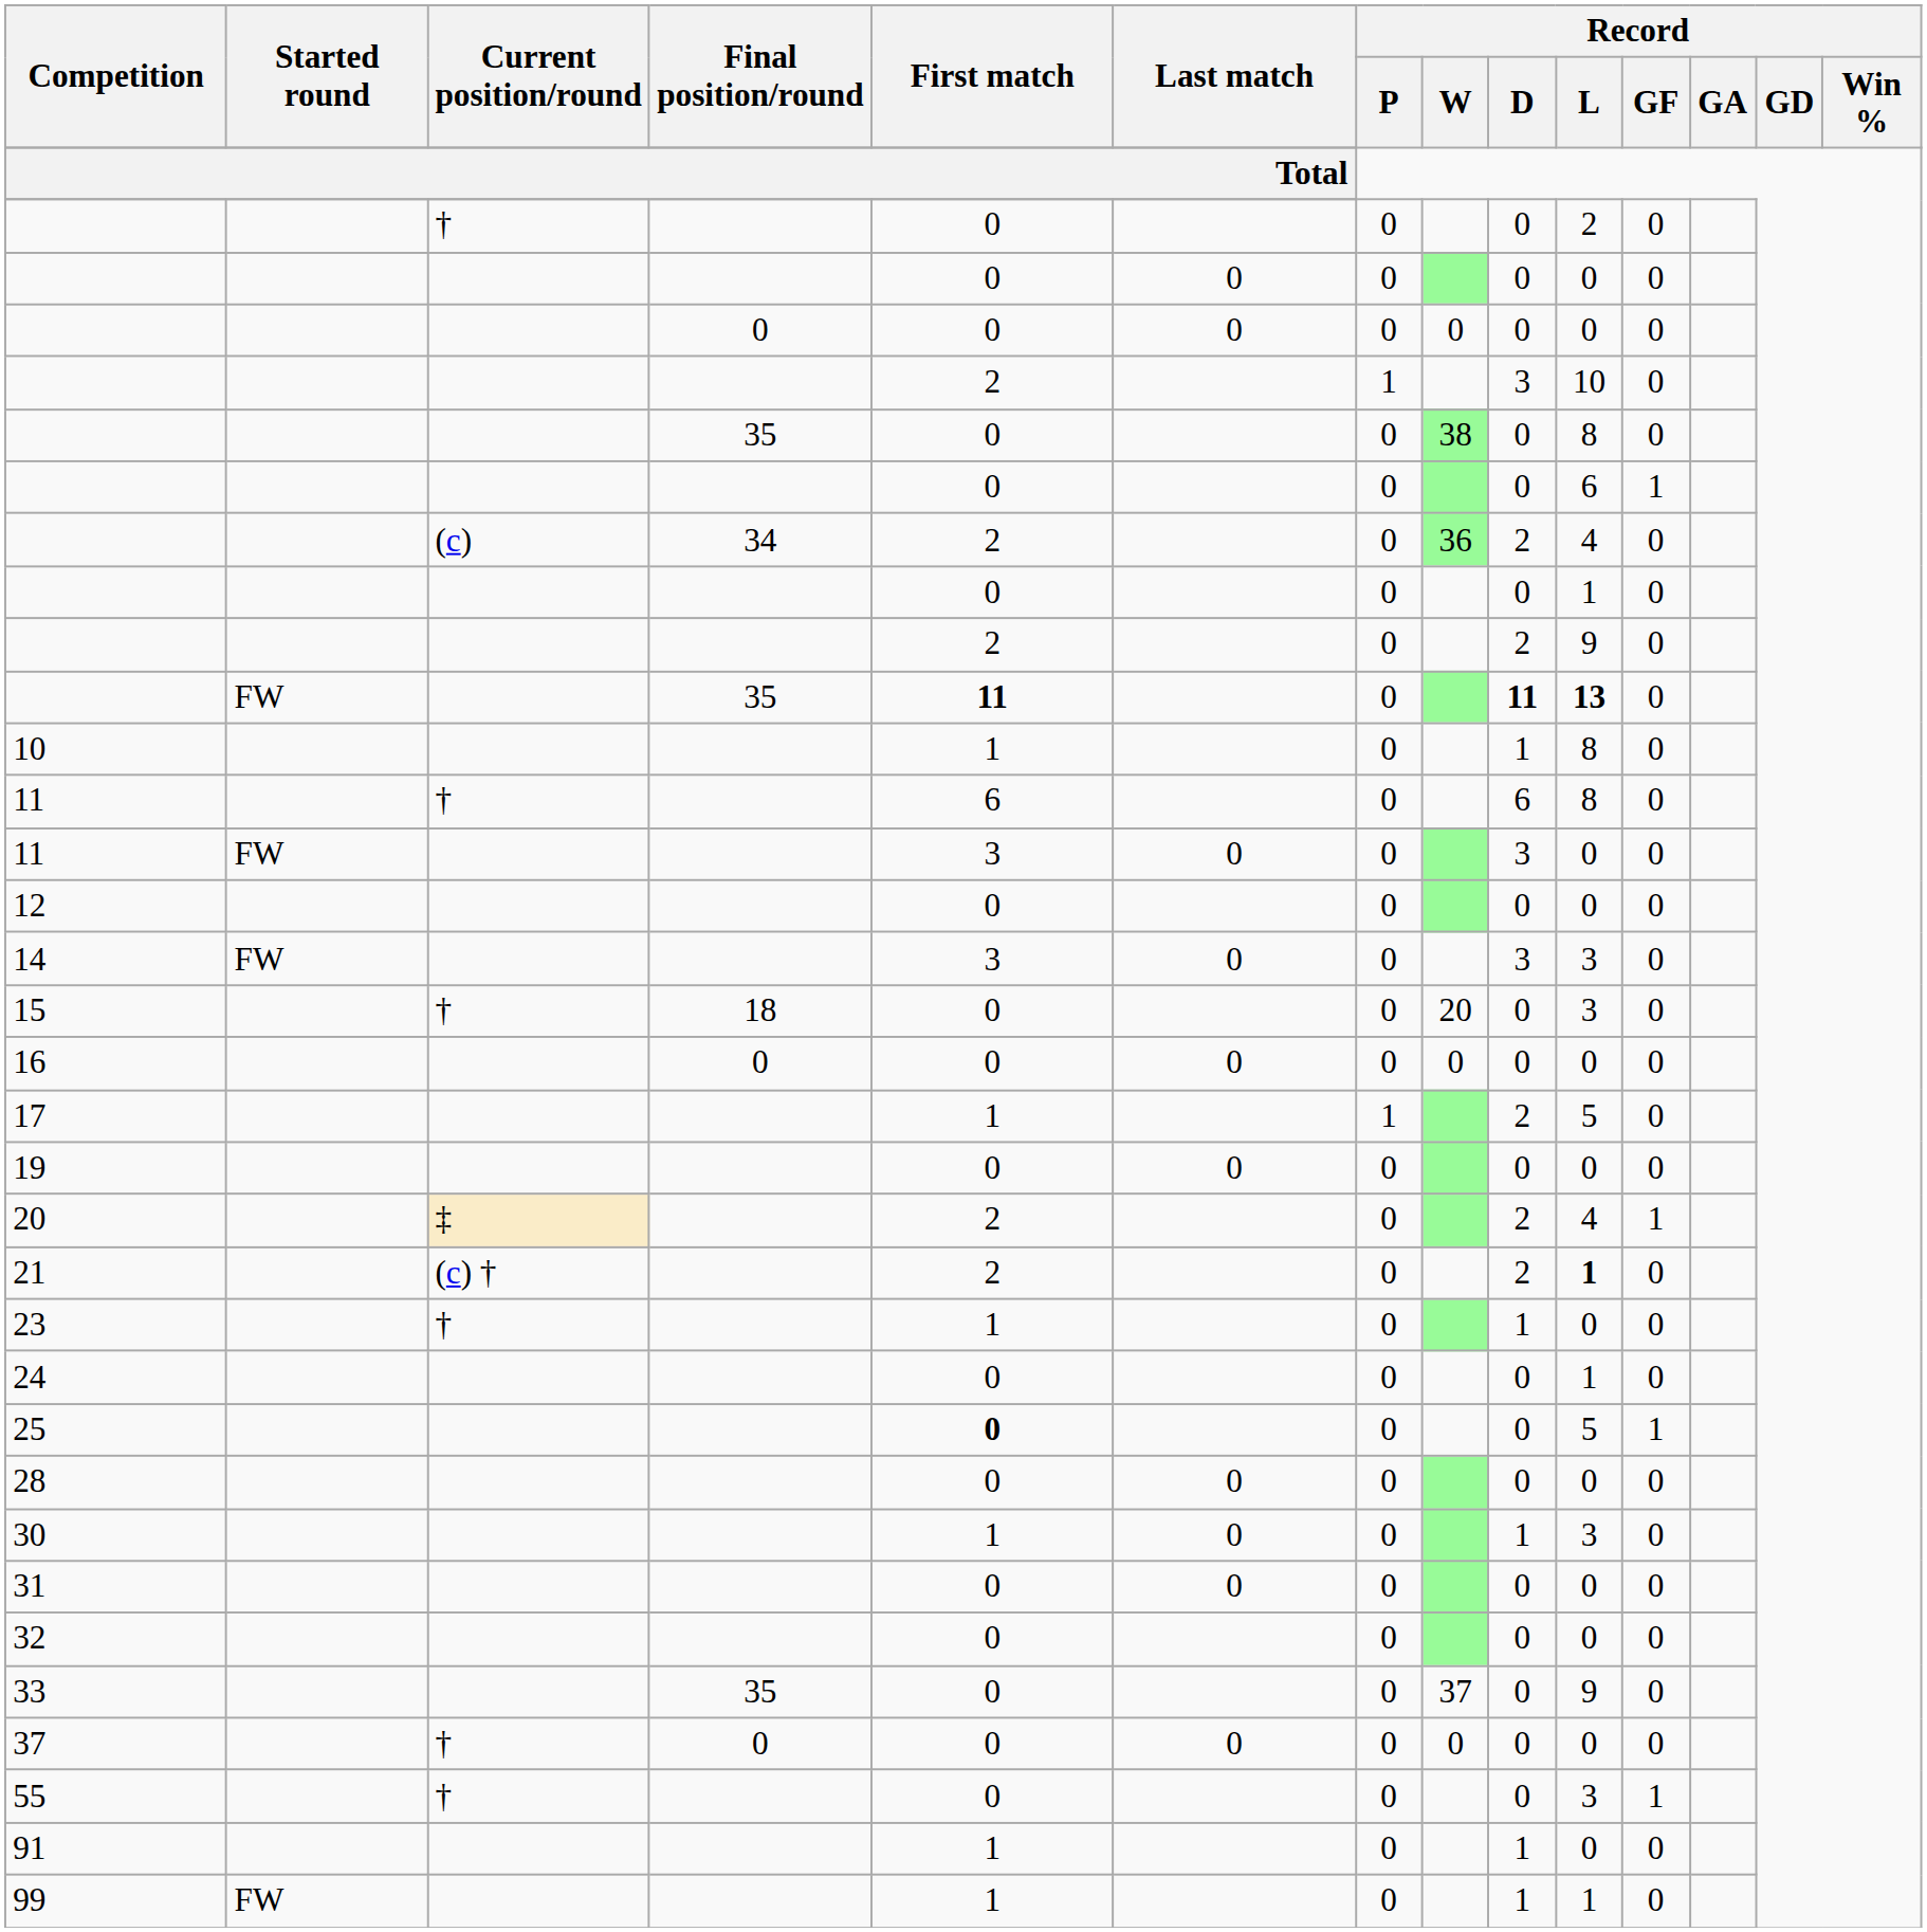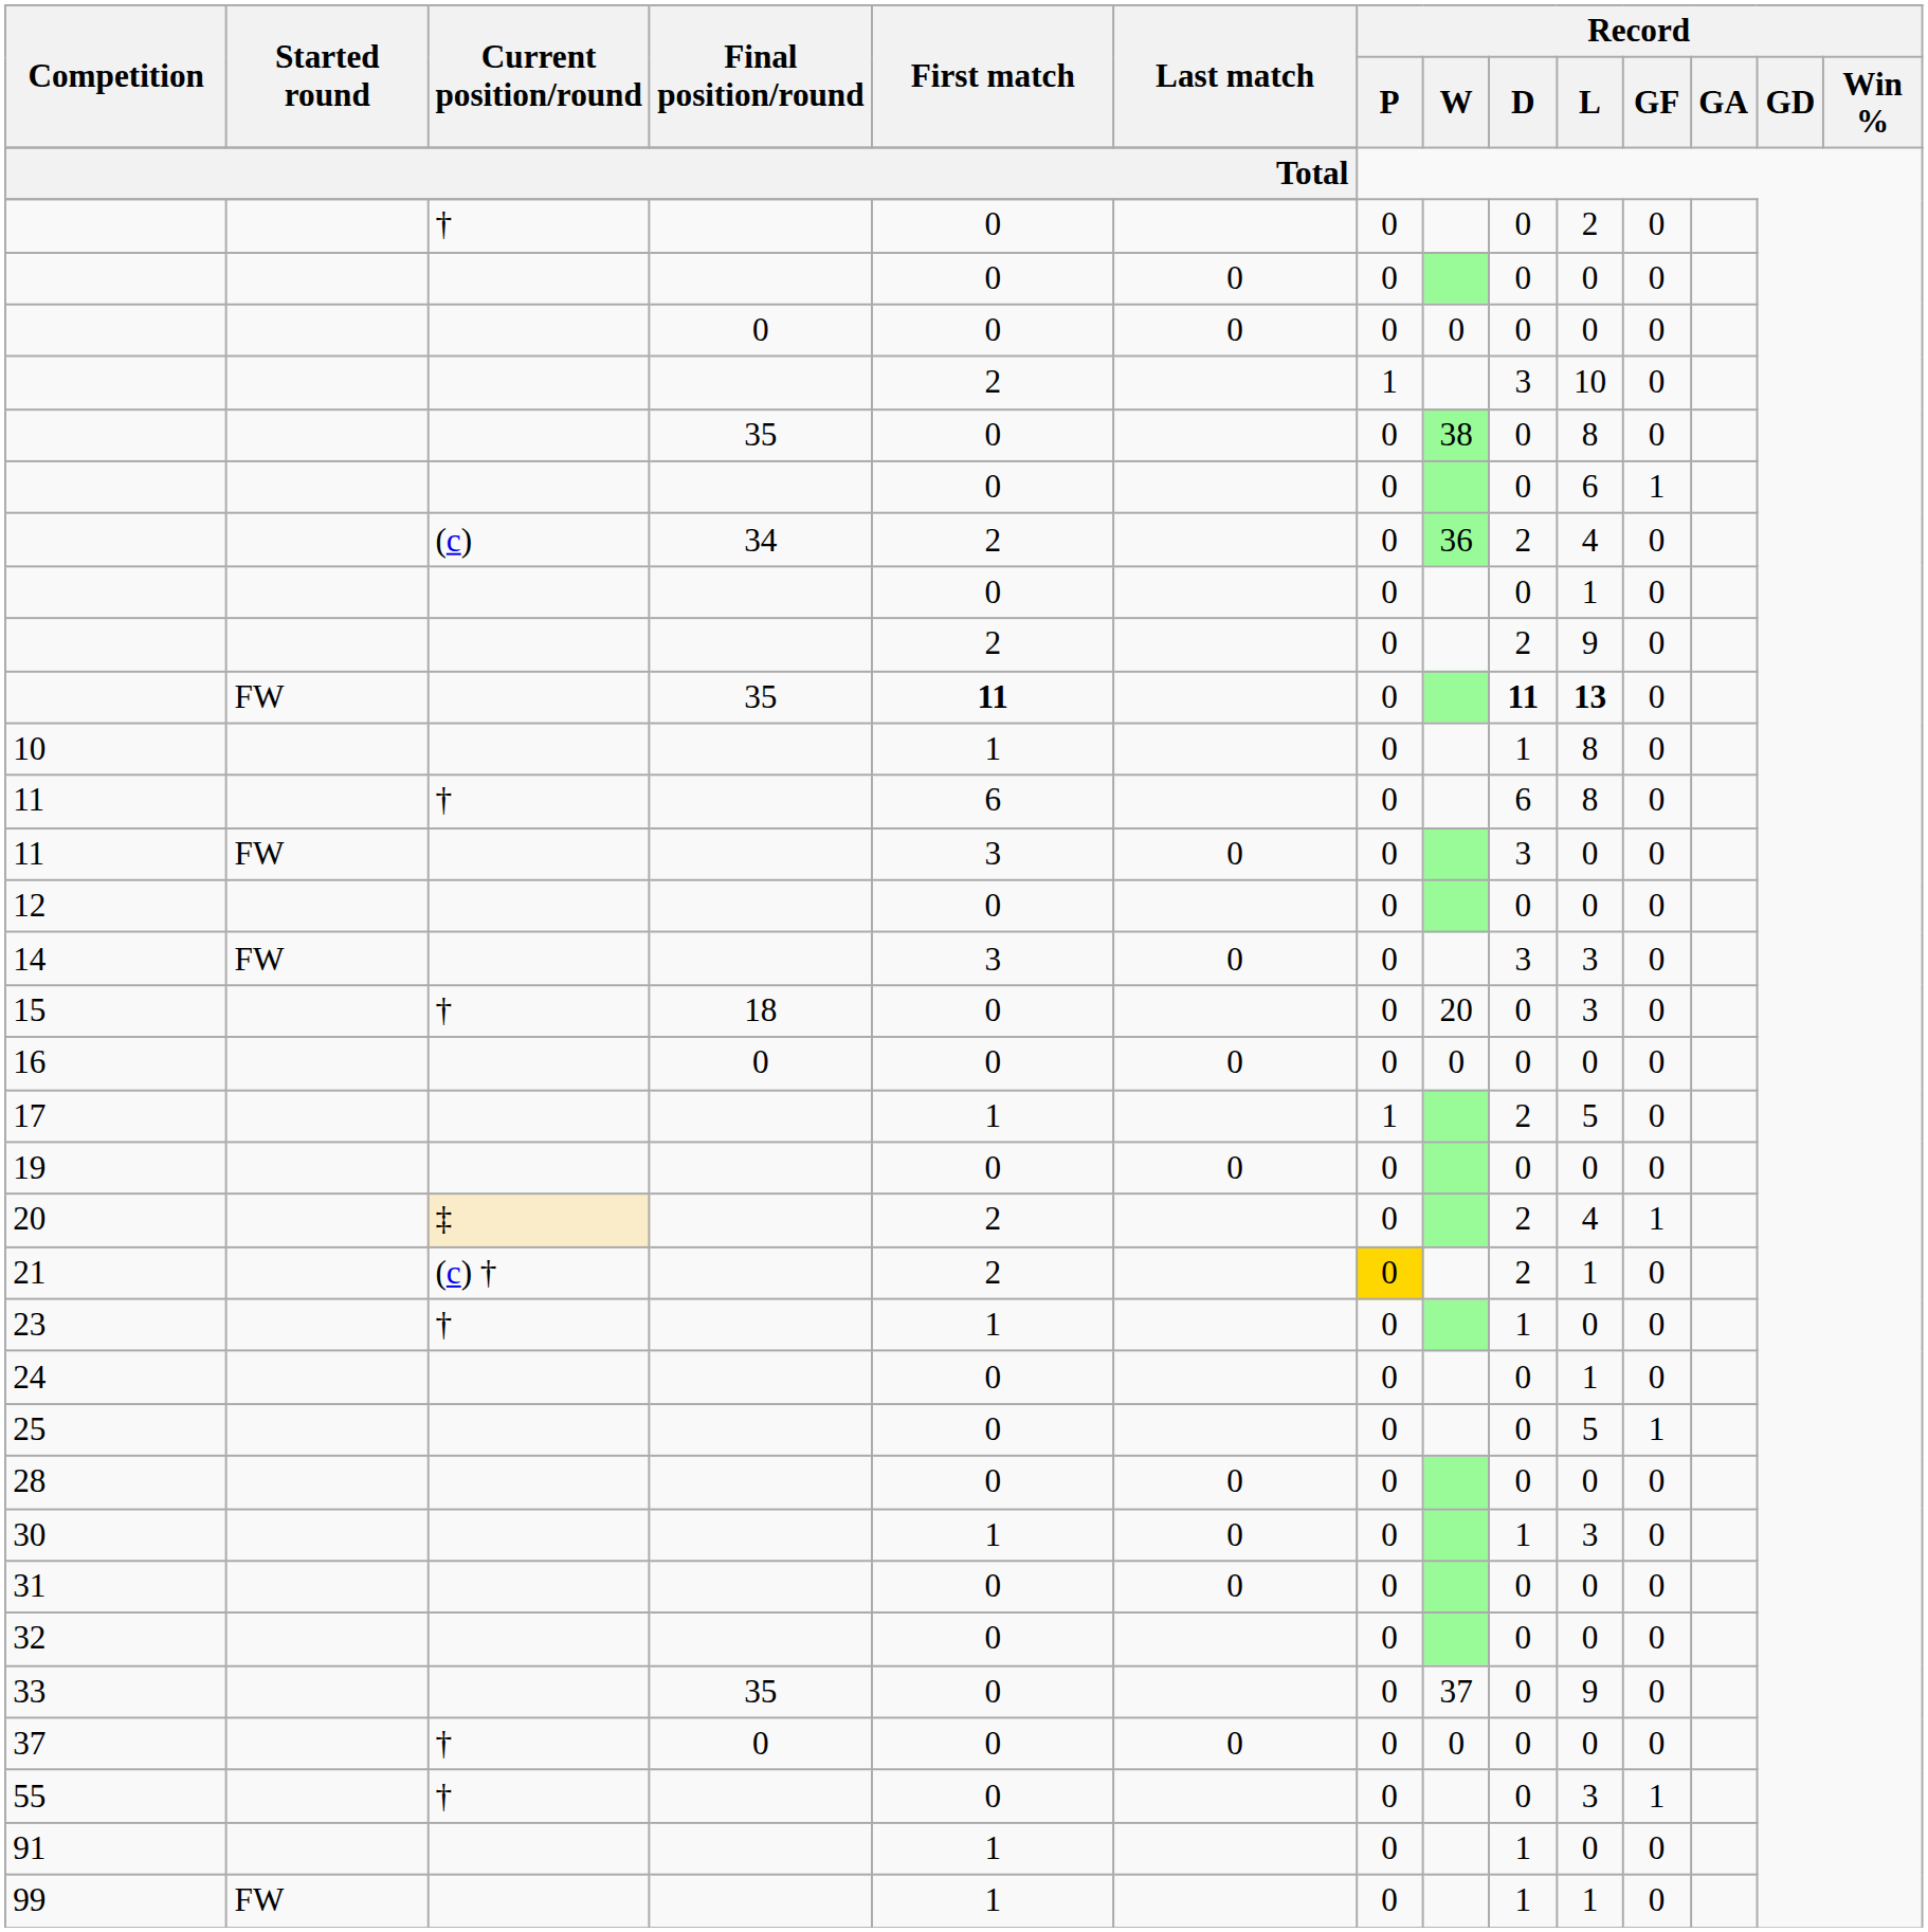 <table class="wikitable" style="text-align: center">
 <tr>
 <th rowspan=2 width="100">Competition</th>
 <th rowspan=2 width="90">Started round</th>
 <th rowspan=2 width="90">Current position/round</th>
 <th rowspan=2 width="90">Final position/round</th>
 <th rowspan=2 width="110">First match</th>
 <th rowspan=2 width="110">Last match</th>
 <th colspan=8>Record</th>
 </tr>
 <tr>
 <th width="25">P</th>
 <th width="25">W</th>
 <th width="25">D</th>
 <th width="25">L</th>
 <th width="25">GF</th>
 <th width="25">GA</th>
 <th width="25">GD</th>
 <th width="40">Win %</th>
 </tr>
 <tr>
 </tr>
 <tr>
 </tr>
 <tr>
 <th colspan=6 style="text-align: right;">Total<br></th>
 </tr>
 <tr>
 </tr>
 <tr>
 <td align=left></td>
 <td align=left></td>
 <td align=left>  †</td>
 <td></td>
 <td>0</td>
 <td></td>
 <td>0</td>
 <td></td>
 <td>0</td>
 <td>2</td>
 <td>0</td>
 <td></td>
 </tr>
 <tr>
 <td align=left></td>
 <td align=left></td>
 <td align=left> </td>
 <td></td>
 <td>0</td>
 <td>0</td>
 <td>0</td>
 <td style="background:#98FB98"></td>
 <td>0</td>
 <td>0</td>
 <td>0</td>
 <td></td>
 </tr>
 <tr>
 <td align=left></td>
 <td align=left></td>
 <td align=left> </td>
 <td>0</td>
 <td>0</td>
 <td>0</td>
 <td>0</td>
 <td>0</td>
 <td>0</td>
 <td>0</td>
 <td>0</td>
 <td></td>
 </tr>
 <tr>
 <td align=left></td>
 <td align=left></td>
 <td align=left> </td>
 <td><strong></strong></td>
 <td>2</td>
 <td></td>
 <td>1</td>
 <td><strong></strong></td>
 <td>3</td>
 <td>10</td>
 <td>0</td>
 <td></td>
 </tr>
 <tr>
 <td align=left></td>
 <td align=left></td>
 <td align=left> </td>
 <td>35</td>
 <td>0</td>
 <td></td>
 <td>0</td>
 <td style="background:#98FB98">38</td>
 <td>0</td>
 <td>8</td>
 <td>0</td>
 <td></td>
 </tr>
 <tr>
 <td align=left></td>
 <td align=left></td>
 <td align=left> </td>
 <td></td>
 <td>0</td>
 <td></td>
 <td>0</td>
 <td style="background:#98FB98"></td>
 <td>0</td>
 <td>6</td>
 <td>1</td>
 <td></td>
 </tr>
 <tr>
 <td align=left></td>
 <td align=left></td>
 <td align=left>  (<a href='#'>c</a>)</td>
 <td>34</td>
 <td>2</td>
 <td></td>
 <td>0</td>
 <td style="background:#98FB98">36</td>
 <td>2</td>
 <td>4</td>
 <td>0</td>
 <td></td>
 </tr>
 <tr>
 <td align=left></td>
 <td align=left></td>
 <td align=left> </td>
 <td></td>
 <td>0</td>
 <td></td>
 <td>0</td>
 <td></td>
 <td>0</td>
 <td>1</td>
 <td>0</td>
 <td></td>
 </tr>
 <tr>
 <td align=left></td>
 <td align=left></td>
 <td align=left> </td>
 <td></td>
 <td>2</td>
 <td></td>
 <td>0</td>
 <td></td>
 <td>2</td>
 <td>9</td>
 <td>0</td>
 <td></td>
 </tr>
 <tr>
 <td align=left></td>
 <td align=left>FW</td>
 <td align=left> </td>
 <td>35</td>
 <td><strong>11</strong></td>
 <td></td>
 <td>0</td>
 <td style="background:#98FB98"></td>
 <td><strong>11</strong></td>
 <td><strong>13</strong></td>
 <td>0</td>
 <td></td>
 </tr>
 <tr>
 <td align=left>10</td>
 <td align=left></td>
 <td align=left> </td>
 <td></td>
 <td>1</td>
 <td></td>
 <td>0</td>
 <td></td>
 <td>1</td>
 <td>8</td>
 <td>0</td>
 <td></td>
 </tr>
 <tr>
 <td align=left>11</td>
 <td align=left></td>
 <td align=left>  †</td>
 <td></td>
 <td>6</td>
 <td></td>
 <td>0</td>
 <td></td>
 <td>6</td>
 <td>8</td>
 <td>0</td>
 <td></td>
 </tr>
 <tr>
 <td align=left>11</td>
 <td align=left>FW</td>
 <td align=left> </td>
 <td></td>
 <td>3</td>
 <td>0</td>
 <td>0</td>
 <td style="background:#98FB98"></td>
 <td>3</td>
 <td>0</td>
 <td>0</td>
 <td></td>
 </tr>
 <tr>
 <td align=left>12</td>
 <td align=left></td>
 <td align=left> </td>
 <td></td>
 <td>0</td>
 <td></td>
 <td>0</td>
 <td style="background:#98FB98"></td>
 <td>0</td>
 <td>0</td>
 <td>0</td>
 <td></td>
 </tr>
 <tr>
 <td align=left>14</td>
 <td align=left>FW</td>
 <td align=left> </td>
 <td></td>
 <td>3</td>
 <td>0</td>
 <td>0</td>
 <td></td>
 <td>3</td>
 <td>3</td>
 <td>0</td>
 <td></td>
 </tr>
 <tr>
 <td align=left>15</td>
 <td align=left></td>
 <td align=left>  †</td>
 <td>18</td>
 <td>0</td>
 <td></td>
 <td>0</td>
 <td>20</td>
 <td>0</td>
 <td>3</td>
 <td>0</td>
 <td></td>
 </tr>
 <tr>
 <td align=left>16</td>
 <td align=left></td>
 <td align=left> </td>
 <td>0</td>
 <td>0</td>
 <td>0</td>
 <td>0</td>
 <td>0</td>
 <td>0</td>
 <td>0</td>
 <td>0</td>
 <td></td>
 </tr>
 <tr>
 <td align=left>17</td>
 <td align=left></td>
 <td align=left> </td>
 <td></td>
 <td>1</td>
 <td></td>
 <td>1</td>
 <td style="background:#98FB98"></td>
 <td>2</td>
 <td>5</td>
 <td>0</td>
 <td></td>
 </tr>
 <tr>
 <td align=left>19</td>
 <td align=left></td>
 <td align=left> </td>
 <td></td>
 <td>0</td>
 <td>0</td>
 <td>0</td>
 <td style="background:#98FB98"></td>
 <td>0</td>
 <td>0</td>
 <td>0</td>
 <td></td>
 </tr>
 <tr>
 <td align=left>20</td>
 <td align=left></td>
 <td style="background:#faecc8; text-align:left;">  ‡</td>
 <td></td>
 <td>2</td>
 <td></td>
 <td>0</td>
 <td style="background:#98FB98"></td>
 <td>2</td>
 <td>4</td>
 <td>1</td>
 <td></td>
 </tr>
 <tr>
 <td align=left>21</td>
 <td align=left></td>
 <td align=left>  (<a href='#'>c</a>) †</td>
 <td></td>
 <td>2</td>
 <td></td>
-<td>0</td>
+<td style="background: gold;">0</td>
 <td></td>
 <td>2</td>
-<td><strong>1</strong></td>
+<td>1</td>
 <td>0</td>
 <td></td>
 </tr>
 <tr>
 <td align=left>23</td>
 <td align=left></td>
 <td align=left>  †</td>
 <td></td>
 <td>1</td>
 <td></td>
 <td>0</td>
 <td style="background:#98FB98"></td>
 <td>1</td>
 <td>0</td>
 <td>0</td>
 <td></td>
 </tr>
 <tr>
 <td align=left>24</td>
 <td align=left></td>
 <td align=left> </td>
 <td></td>
 <td>0</td>
 <td></td>
 <td>0</td>
 <td></td>
 <td>0</td>
 <td>1</td>
 <td>0</td>
 <td></td>
 </tr>
 <tr>
 <td align=left>25</td>
 <td align=left></td>
 <td align=left> </td>
 <td></td>
-<td><strong>0</strong></td>
+<td>0</td>
 <td></td>
 <td>0</td>
 <td></td>
 <td>0</td>
 <td>5</td>
 <td>1</td>
 <td></td>
 </tr>
 <tr>
 <td align=left>28</td>
 <td align=left></td>
 <td align=left> </td>
 <td></td>
 <td>0</td>
 <td>0</td>
 <td>0</td>
 <td style="background:#98FB98"></td>
 <td>0</td>
 <td>0</td>
 <td>0</td>
 <td></td>
 </tr>
 <tr>
 <td align=left>30</td>
 <td align=left></td>
 <td align=left> </td>
 <td></td>
 <td>1</td>
 <td>0</td>
 <td>0</td>
 <td style="background:#98FB98"></td>
 <td>1</td>
 <td>3</td>
 <td>0</td>
 <td></td>
 </tr>
 <tr>
 <td align=left>31</td>
 <td align=left></td>
 <td align=left> </td>
 <td></td>
 <td>0</td>
 <td>0</td>
 <td>0</td>
 <td style="background:#98FB98"></td>
 <td>0</td>
 <td>0</td>
 <td>0</td>
 <td></td>
 </tr>
 <tr>
 <td align=left>32</td>
 <td align=left></td>
 <td align=left> </td>
 <td></td>
 <td>0</td>
 <td></td>
 <td>0</td>
 <td style="background:#98FB98"></td>
 <td>0</td>
 <td>0</td>
 <td>0</td>
 <td></td>
 </tr>
 <tr>
 <td align=left>33</td>
 <td align=left></td>
 <td align=left> </td>
 <td>35</td>
 <td>0</td>
 <td></td>
 <td>0</td>
 <td>37</td>
 <td>0</td>
 <td>9</td>
 <td>0</td>
 <td></td>
 </tr>
 <tr>
 <td align=left>37</td>
 <td align=left></td>
 <td align=left>  †</td>
 <td>0</td>
 <td>0</td>
 <td>0</td>
 <td>0</td>
 <td>0</td>
 <td>0</td>
 <td>0</td>
 <td>0</td>
 <td></td>
 </tr>
 <tr>
 <td align=left>55</td>
 <td align=left></td>
 <td align=left>  †</td>
 <td></td>
 <td>0</td>
 <td></td>
 <td>0</td>
 <td></td>
 <td>0</td>
 <td>3</td>
 <td>1</td>
 <td></td>
 </tr>
 <tr>
 <td align=left>91</td>
 <td align=left></td>
 <td align=left> </td>
 <td></td>
 <td>1</td>
 <td></td>
 <td>0</td>
 <td></td>
 <td>1</td>
 <td>0</td>
 <td>0</td>
 <td></td>
 </tr>
 <tr>
 <td align=left>99</td>
 <td align=left>FW</td>
 <td align=left> </td>
 <td></td>
 <td>1</td>
 <td></td>
 <td>0</td>
 <td></td>
 <td>1</td>
 <td>1</td>
 <td>0</td>
 <td></td>
 </tr>
 <tr>
 </tr>
 </table>
